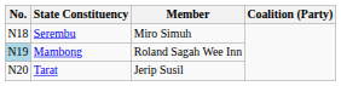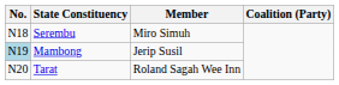 <table class="wikitable">
 <tr>
 <th>No.</th>
 <th>State Constituency</th>
 <th>Member</th>
 <th>Coalition (Party)</th>
 </tr>
 <tr>
 <td>N18</td>
 <td><a href='#'>Serembu</a></td>
 <td>Miro Simuh</td>
 <td rowspan="3"></td>
 </tr>
 <tr>
 <td style="background: lightblue;">N19</td>
 <td><a href='#'>Mambong</a></td>
-<td>Roland Sagah Wee Inn</td>
+<td>Jerip Susil</td>
 </tr>
 <tr>
 <td>N20</td>
 <td><a href='#'>Tarat</a></td>
-<td>Jerip Susil</td>
+<td>Roland Sagah Wee Inn</td>
 </tr>
 </table>
